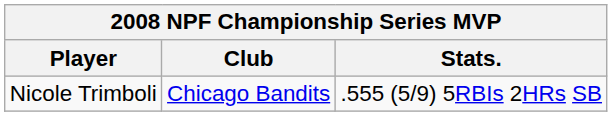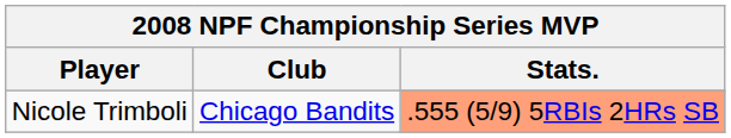 <table class="wikitable">
 <tr>
 <th colspan=3>2008 NPF Championship Series MVP</th>
 </tr>
 <tr>
 <th>Player</th>
 <th>Club</th>
 <th>Stats.</th>
 </tr>
 <tr>
 <td>Nicole Trimboli</td>
 <td><a href='#'>Chicago Bandits</a></td>
-<td>.555 (5/9) 5<a href='#'>RBIs</a> 2<a href='#'>HRs</a> <a href='#'>SB</a></td>
+<td style="background: lightsalmon;">.555 (5/9) 5<a href='#'>RBIs</a> 2<a href='#'>HRs</a> <a href='#'>SB</a></td>
 </tr>
 </table>
